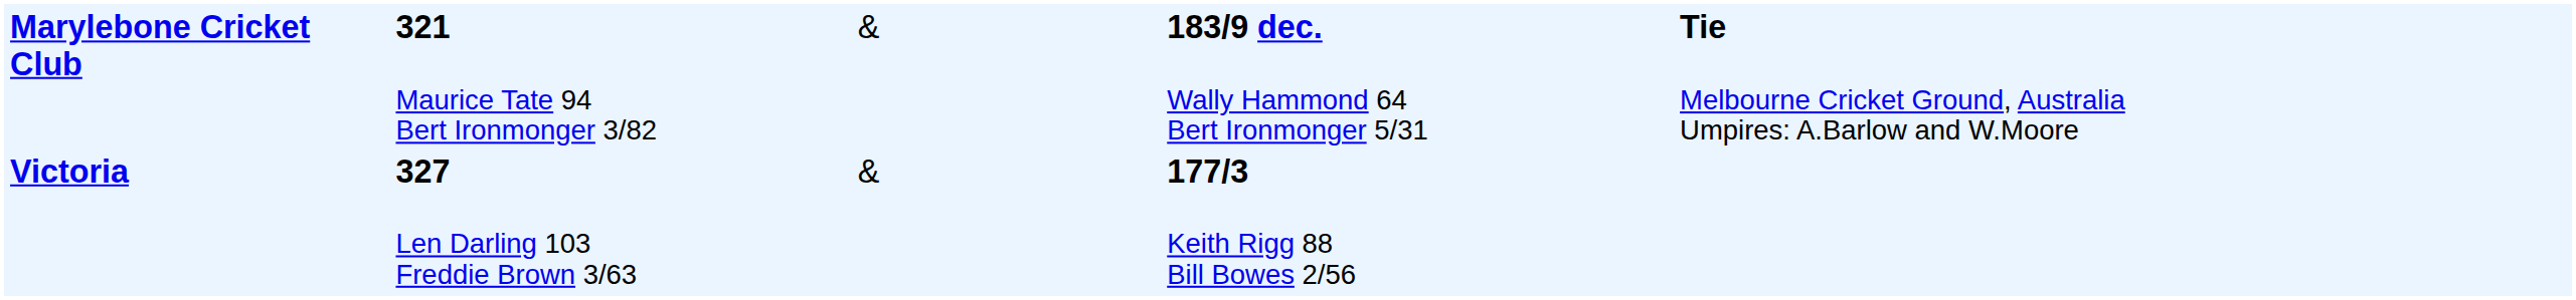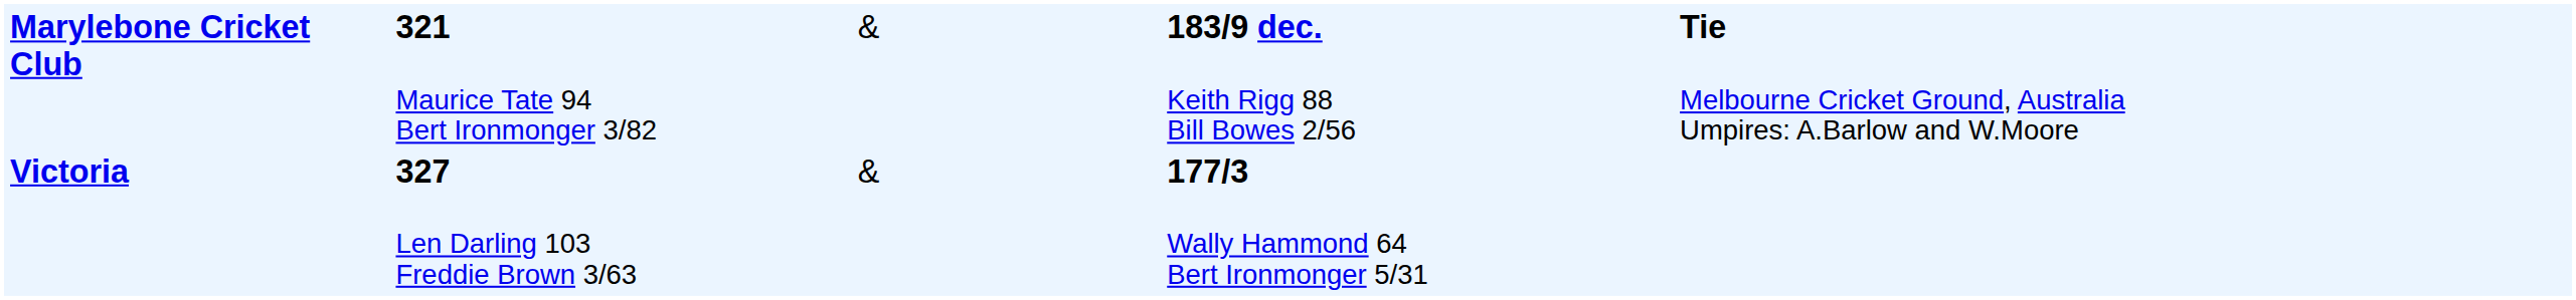 <table width="100%" style="background: #EBF5FF">
 <tr>
 <td width="15%" valign="top" rowspan="2"><strong><a href='#'>Marylebone Cricket Club</a></strong></td>
 <td width="18%"><strong>321</strong></td>
 <td width="12%">&</td>
 <td width="20%"><strong>183/9 <a href='#'>dec.</a></strong></td>
 <td width="35%"><strong>Tie</strong></td>
 </tr>
 <tr>
 <td style="font-size: 85%;" valign="top"><br><a href='#'>Maurice Tate</a> 94<br> <a href='#'>Bert Ironmonger</a> 3/82</td>
 <td></td>
-<td style="font-size: 85%;"><br><a href='#'>Wally Hammond</a> 64<br> <a href='#'>Bert Ironmonger</a> 5/31</td>
+<td valign="top" style="font-size: 85%;"><br><a href='#'>Keith Rigg</a> 88<br> <a href='#'>Bill Bowes</a> 2/56</td>
 <td valign="top" style="font-size: 85%;" rowspan="3"><br><a href='#'>Melbourne Cricket Ground</a>, <a href='#'>Australia</a><br> Umpires: A.Barlow and W.Moore</td>
 </tr>
 <tr>
 <td valign="top" rowspan="2"><strong><a href='#'>Victoria</a></strong></td>
 <td><strong>327</strong></td>
 <td>&</td>
 <td><strong>177/3</strong></td>
 </tr>
 <tr>
 <td style="font-size: 85%;"><br><a href='#'>Len Darling</a> 103<br> <a href='#'>Freddie Brown</a> 3/63</td>
 <td></td>
-<td valign="top" style="font-size: 85%;"><br><a href='#'>Keith Rigg</a> 88<br> <a href='#'>Bill Bowes</a> 2/56</td>
+<td style="font-size: 85%;"><br><a href='#'>Wally Hammond</a> 64<br> <a href='#'>Bert Ironmonger</a> 5/31</td>
 </tr>
 </table>
